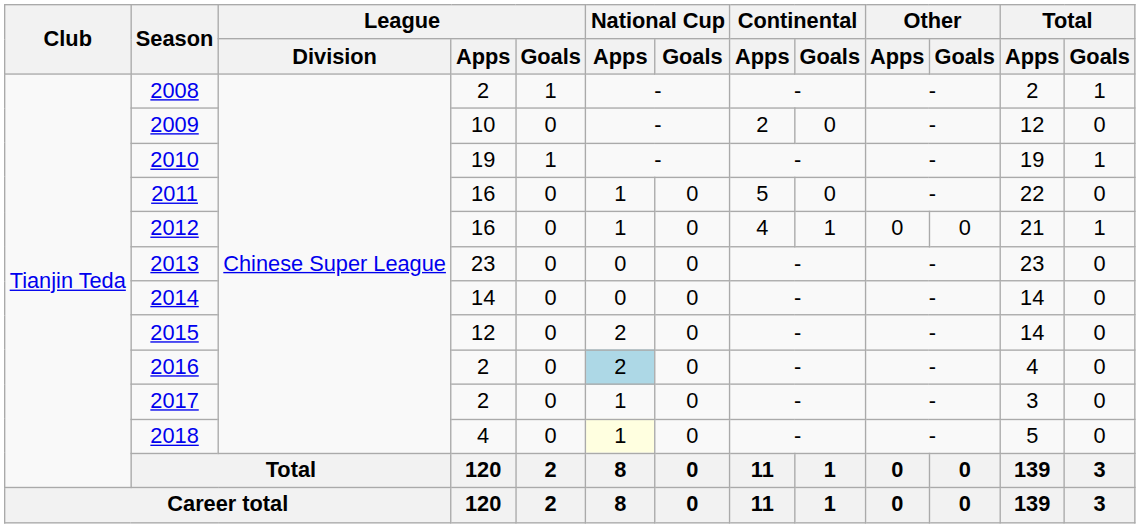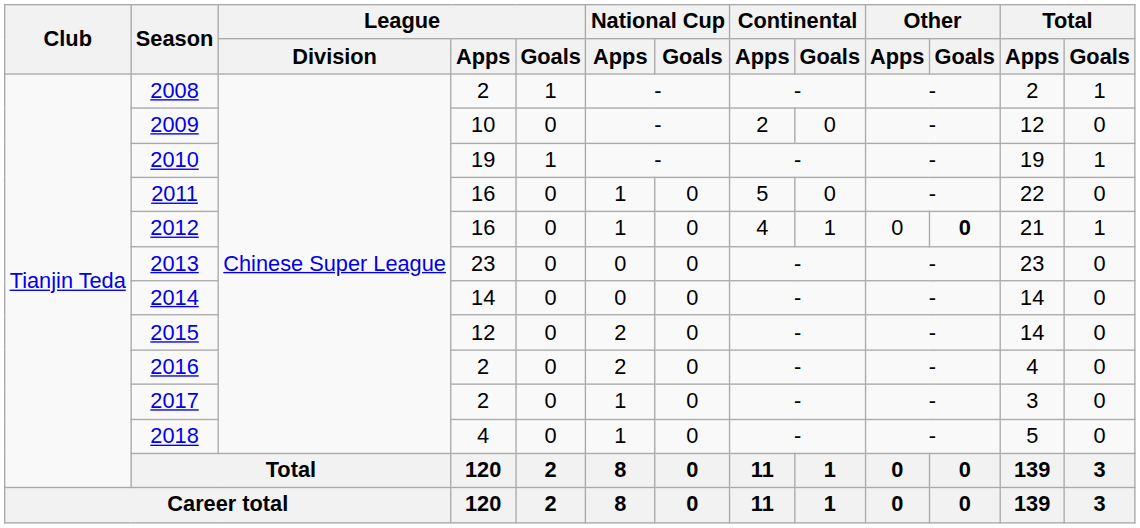 <table class="wikitable" style="text-align: center">
 <tr>
 <th rowspan="2">Club</th>
 <th rowspan="2">Season</th>
 <th colspan="3">League</th>
 <th colspan="2">National Cup</th>
 <th colspan="2">Continental</th>
 <th colspan="2">Other</th>
 <th colspan="2">Total</th>
 </tr>
 <tr>
 <th>Division</th>
 <th>Apps</th>
 <th>Goals</th>
 <th>Apps</th>
 <th>Goals</th>
 <th>Apps</th>
 <th>Goals</th>
 <th>Apps</th>
 <th>Goals</th>
 <th>Apps</th>
 <th>Goals</th>
 </tr>
 <tr>
 <td rowspan=12><a href='#'>Tianjin Teda</a></td>
 <td><a href='#'>2008</a></td>
 <td rowspan="11"><a href='#'>Chinese Super League</a></td>
 <td>2</td>
 <td>1</td>
 <td colspan="2">-</td>
 <td colspan="2">-</td>
 <td colspan="2">-</td>
 <td>2</td>
 <td>1</td>
 </tr>
 <tr>
 <td><a href='#'>2009</a></td>
 <td>10</td>
 <td>0</td>
 <td colspan="2">-</td>
 <td>2</td>
 <td>0</td>
 <td colspan="2">-</td>
 <td>12</td>
 <td>0</td>
 </tr>
 <tr>
 <td><a href='#'>2010</a></td>
 <td>19</td>
 <td>1</td>
 <td colspan="2">-</td>
 <td colspan="2">-</td>
 <td colspan="2">-</td>
 <td>19</td>
 <td>1</td>
 </tr>
 <tr>
 <td><a href='#'>2011</a></td>
 <td>16</td>
 <td>0</td>
 <td>1</td>
 <td>0</td>
 <td>5</td>
 <td>0</td>
 <td colspan="2">-</td>
 <td>22</td>
 <td>0</td>
 </tr>
 <tr>
 <td><a href='#'>2012</a></td>
 <td>16</td>
 <td>0</td>
 <td>1</td>
 <td>0</td>
 <td>4</td>
 <td>1</td>
 <td>0</td>
-<td>0</td>
+<td><strong>0</strong></td>
 <td>21</td>
 <td>1</td>
 </tr>
 <tr>
 <td><a href='#'>2013</a></td>
 <td>23</td>
 <td>0</td>
 <td>0</td>
 <td>0</td>
 <td colspan="2">-</td>
 <td colspan="2">-</td>
 <td>23</td>
 <td>0</td>
 </tr>
 <tr>
 <td><a href='#'>2014</a></td>
 <td>14</td>
 <td>0</td>
 <td>0</td>
 <td>0</td>
 <td colspan="2">-</td>
 <td colspan="2">-</td>
 <td>14</td>
 <td>0</td>
 </tr>
 <tr>
 <td><a href='#'>2015</a></td>
 <td>12</td>
 <td>0</td>
 <td>2</td>
 <td>0</td>
 <td colspan="2">-</td>
 <td colspan="2">-</td>
 <td>14</td>
 <td>0</td>
 </tr>
 <tr>
 <td><a href='#'>2016</a></td>
 <td>2</td>
 <td>0</td>
-<td style="background: lightblue;">2</td>
+<td>2</td>
 <td>0</td>
 <td colspan="2">-</td>
 <td colspan="2">-</td>
 <td>4</td>
 <td>0</td>
 </tr>
 <tr>
 <td><a href='#'>2017</a></td>
 <td>2</td>
 <td>0</td>
 <td>1</td>
 <td>0</td>
 <td colspan="2">-</td>
 <td colspan="2">-</td>
 <td>3</td>
 <td>0</td>
 </tr>
 <tr>
 <td><a href='#'>2018</a></td>
 <td>4</td>
 <td>0</td>
-<td style="background: lightyellow;">1</td>
+<td>1</td>
 <td>0</td>
 <td colspan="2">-</td>
 <td colspan="2">-</td>
 <td>5</td>
 <td>0</td>
 </tr>
 <tr>
 <th colspan=2>Total</th>
 <th>120</th>
 <th>2</th>
 <th>8</th>
 <th>0</th>
 <th>11</th>
 <th>1</th>
 <th>0</th>
 <th>0</th>
 <th>139</th>
 <th>3</th>
 </tr>
 <tr>
 <th colspan=3>Career total</th>
 <th>120</th>
 <th>2</th>
 <th>8</th>
 <th>0</th>
 <th>11</th>
 <th>1</th>
 <th>0</th>
 <th>0</th>
 <th>139</th>
 <th>3</th>
 </tr>
 </table>
